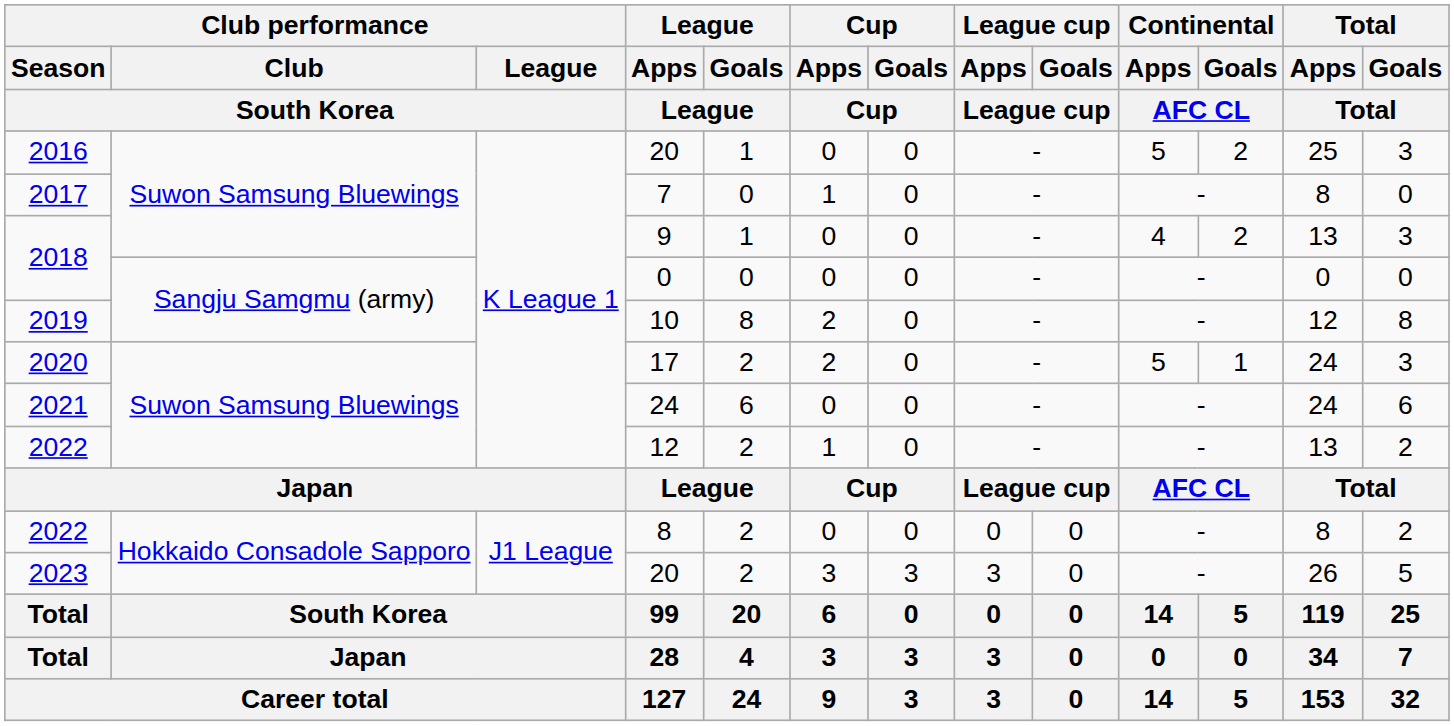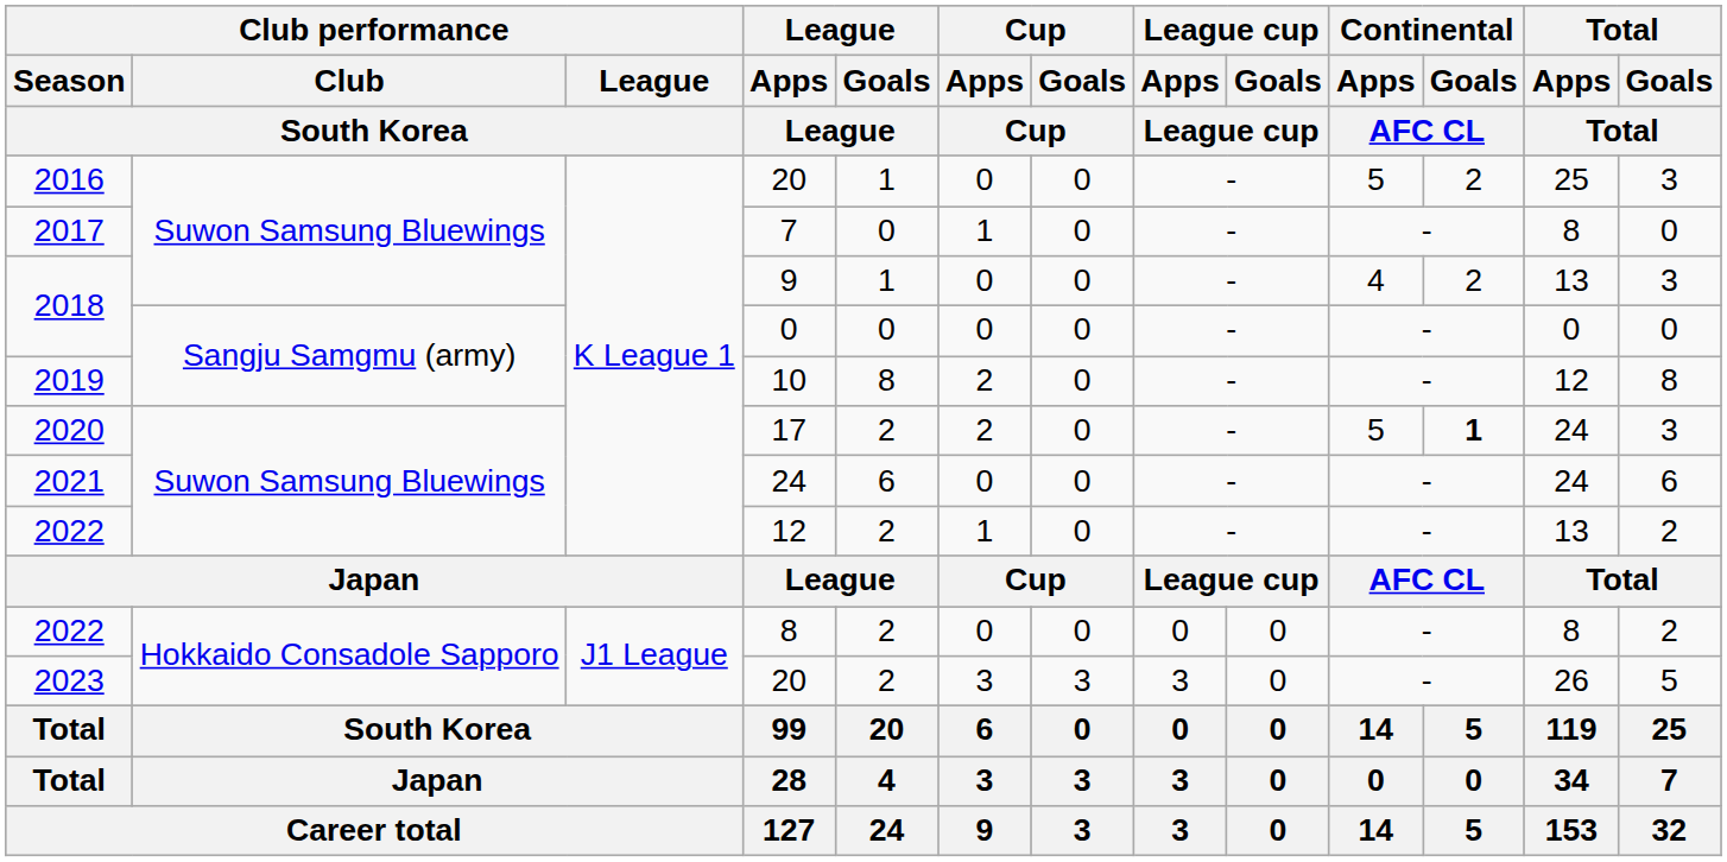 <table class="wikitable" style="text-align:center">
 <tr>
 <th colspan=3>Club performance</th>
 <th colspan=2>League</th>
 <th colspan=2>Cup</th>
 <th colspan=2>League cup</th>
 <th colspan=2>Continental</th>
 <th colspan=2>Total</th>
 </tr>
 <tr>
 <th>Season</th>
 <th>Club</th>
 <th>League</th>
 <th>Apps</th>
 <th>Goals</th>
 <th>Apps</th>
 <th>Goals</th>
 <th>Apps</th>
 <th>Goals</th>
 <th>Apps</th>
 <th>Goals</th>
 <th>Apps</th>
 <th>Goals</th>
 </tr>
 <tr>
 <th colspan=3>South Korea</th>
 <th colspan=2>League</th>
 <th colspan=2>Cup</th>
 <th colspan=2>League cup</th>
 <th colspan=2><a href='#'>AFC CL</a></th>
 <th colspan=2>Total</th>
 </tr>
 <tr>
 <td><a href='#'>2016</a></td>
 <td rowspan=3><a href='#'>Suwon Samsung Bluewings</a></td>
 <td rowspan=8><a href='#'>K League 1</a></td>
 <td>20</td>
 <td>1</td>
 <td>0</td>
 <td>0</td>
 <td colspan=2>-</td>
 <td>5</td>
 <td>2</td>
 <td>25</td>
 <td>3</td>
 </tr>
 <tr>
 <td><a href='#'>2017</a></td>
 <td>7</td>
 <td>0</td>
 <td>1</td>
 <td>0</td>
 <td colspan=2>-</td>
 <td colspan=2>-</td>
 <td>8</td>
 <td>0</td>
 </tr>
 <tr>
 <td rowspan=2><a href='#'>2018</a></td>
 <td>9</td>
 <td>1</td>
 <td>0</td>
 <td>0</td>
 <td colspan=2>-</td>
 <td>4</td>
 <td>2</td>
 <td>13</td>
 <td>3</td>
 </tr>
 <tr>
 <td rowspan=2><a href='#'>Sangju Samgmu</a> (army)</td>
 <td>0</td>
 <td>0</td>
 <td>0</td>
 <td>0</td>
 <td colspan=2>-</td>
 <td colspan=2>-</td>
 <td>0</td>
 <td>0</td>
 </tr>
 <tr>
 <td><a href='#'>2019</a></td>
 <td>10</td>
 <td>8</td>
 <td>2</td>
 <td>0</td>
 <td colspan=2>-</td>
 <td colspan=2>-</td>
 <td>12</td>
 <td>8</td>
 </tr>
 <tr>
 <td><a href='#'>2020</a></td>
 <td rowspan=3><a href='#'>Suwon Samsung Bluewings</a></td>
 <td>17</td>
 <td>2</td>
 <td>2</td>
 <td>0</td>
 <td colspan=2>-</td>
 <td>5</td>
-<td>1</td>
+<td><strong>1</strong></td>
 <td>24</td>
 <td>3</td>
 </tr>
 <tr>
 <td><a href='#'>2021</a></td>
 <td>24</td>
 <td>6</td>
 <td>0</td>
 <td>0</td>
 <td colspan=2>-</td>
 <td colspan=2>-</td>
 <td>24</td>
 <td>6</td>
 </tr>
 <tr>
 <td><a href='#'>2022</a></td>
 <td>12</td>
 <td>2</td>
 <td>1</td>
 <td>0</td>
 <td colspan=2>-</td>
 <td colspan=2>-</td>
 <td>13</td>
 <td>2</td>
 </tr>
 <tr>
 <th colspan=3>Japan</th>
 <th colspan=2>League</th>
 <th colspan=2>Cup</th>
 <th colspan=2>League cup</th>
 <th colspan=2><a href='#'>AFC CL</a></th>
 <th colspan=2>Total</th>
 </tr>
 <tr>
 <td><a href='#'>2022</a></td>
 <td rowspan=2><a href='#'>Hokkaido Consadole Sapporo</a></td>
 <td rowspan=2><a href='#'>J1 League</a></td>
 <td>8</td>
 <td>2</td>
 <td>0</td>
 <td>0</td>
 <td>0</td>
 <td>0</td>
 <td colspan=2>-</td>
 <td>8</td>
 <td>2</td>
 </tr>
 <tr>
 <td><a href='#'>2023</a></td>
 <td>20</td>
 <td>2</td>
 <td>3</td>
 <td>3</td>
 <td>3</td>
 <td>0</td>
 <td colspan=2>-</td>
 <td>26</td>
 <td>5</td>
 </tr>
 <tr>
 <th>Total</th>
 <th colspan=2>South Korea</th>
 <th>99</th>
 <th>20</th>
 <th>6</th>
 <th>0</th>
 <th>0</th>
 <th>0</th>
 <th>14</th>
 <th>5</th>
 <th>119</th>
 <th>25</th>
 </tr>
 <tr>
 <th>Total</th>
 <th colspan=2>Japan</th>
 <th>28</th>
 <th>4</th>
 <th>3</th>
 <th>3</th>
 <th>3</th>
 <th>0</th>
 <th>0</th>
 <th>0</th>
 <th>34</th>
 <th>7</th>
 </tr>
 <tr>
 <th colspan=3>Career total</th>
 <th>127</th>
 <th>24</th>
 <th>9</th>
 <th>3</th>
 <th>3</th>
 <th>0</th>
 <th>14</th>
 <th>5</th>
 <th>153</th>
 <th>32</th>
 </tr>
 </table>
